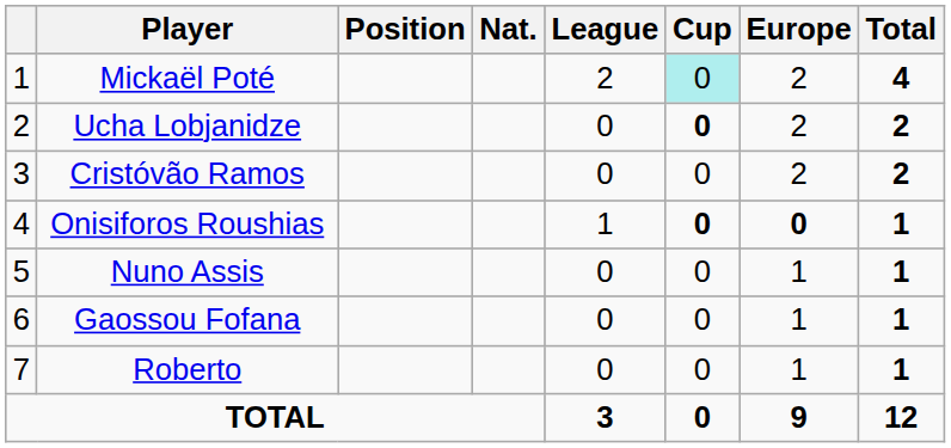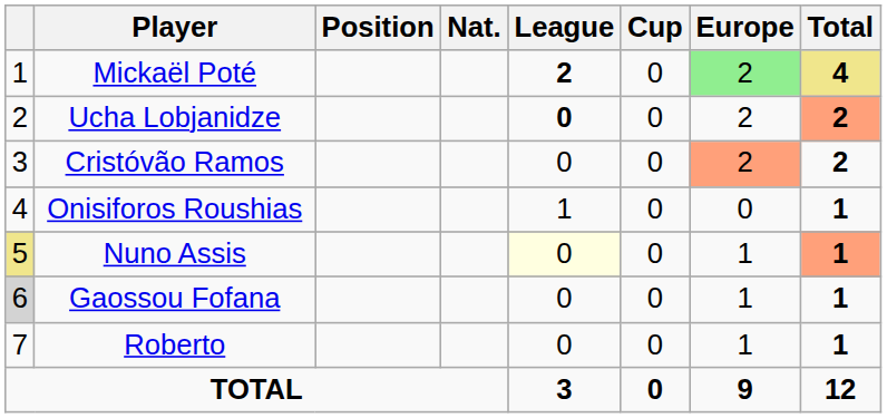 <table class="wikitable">
 <tr>
 <th></th>
 <th width="150">Player</th>
 <th>Position</th>
 <th>Nat.</th>
 <th>League</th>
 <th>Cup</th>
 <th>Europe</th>
 <th>Total</th>
 </tr>
 <tr>
 <td align=center>1</td>
 <td align=center><a href='#'>Mickaël Poté</a></td>
 <td align=center></td>
 <td align=center></td>
-<td align=center>2</td>
-<td align=center style="background: paleturquoise;">0</td>
-<td align=center>2</td>
-<td align=center><strong>4</strong></td>
+<td align=center><strong>2</strong></td>
+<td align=center>0</td>
+<td align=center style="background: lightgreen;">2</td>
+<td align=center style="background: khaki;"><strong>4</strong></td>
 </tr>
 <tr>
 <td align=center>2</td>
 <td align=center><a href='#'>Ucha Lobjanidze</a></td>
 <td align=center></td>
 <td align=center></td>
+<td align=center><strong>0</strong></td>
 <td align=center>0</td>
-<td align=center><strong>0</strong></td>
 <td align=center>2</td>
-<td align=center><strong>2</strong></td>
+<td align=center style="background: lightsalmon;"><strong>2</strong></td>
 </tr>
 <tr>
 <td align=center>3</td>
 <td align=center><a href='#'>Cristóvão Ramos</a></td>
 <td align=center></td>
 <td align=center></td>
 <td align=center>0</td>
 <td align=center>0</td>
-<td align=center>2</td>
+<td align=center style="background: lightsalmon;">2</td>
 <td align=center><strong>2</strong></td>
 </tr>
 <tr>
 <td align=center>4</td>
 <td align=center><a href='#'>Onisiforos Roushias</a></td>
 <td align=center></td>
 <td align=center></td>
 <td align=center>1</td>
-<td align=center><strong>0</strong></td>
-<td align=center><strong>0</strong></td>
+<td align=center>0</td>
+<td align=center>0</td>
 <td align=center><strong>1</strong></td>
 </tr>
 <tr>
-<td align=center>5</td>
+<td align=center style="background: khaki;">5</td>
 <td align=center><a href='#'>Nuno Assis</a></td>
 <td align=center></td>
 <td align=center></td>
-<td align=center>0</td>
+<td align=center style="background: lightyellow;">0</td>
 <td align=center>0</td>
 <td align=center>1</td>
-<td align=center><strong>1</strong></td>
+<td align=center style="background: lightsalmon;"><strong>1</strong></td>
 </tr>
 <tr>
-<td align=center>6</td>
+<td align=center style="background: lightgrey;">6</td>
 <td align=center><a href='#'>Gaossou Fofana</a></td>
 <td align=center></td>
 <td align=center></td>
 <td align=center>0</td>
 <td align=center>0</td>
 <td align=center>1</td>
 <td align=center><strong>1</strong></td>
 </tr>
 <tr>
 <td align=center>7</td>
 <td align=center><a href='#'>Roberto</a></td>
 <td align=center></td>
 <td align=center></td>
 <td align=center>0</td>
 <td align=center>0</td>
 <td align=center>1</td>
 <td align=center><strong>1</strong></td>
 </tr>
 <tr>
 <td colspan="4" align=center><strong>TOTAL</strong></td>
 <td align=center><strong>3</strong></td>
 <td align=center><strong>0</strong></td>
 <td align=center><strong>9</strong></td>
 <td align=center><strong>12</strong></td>
 </tr>
 </table>
